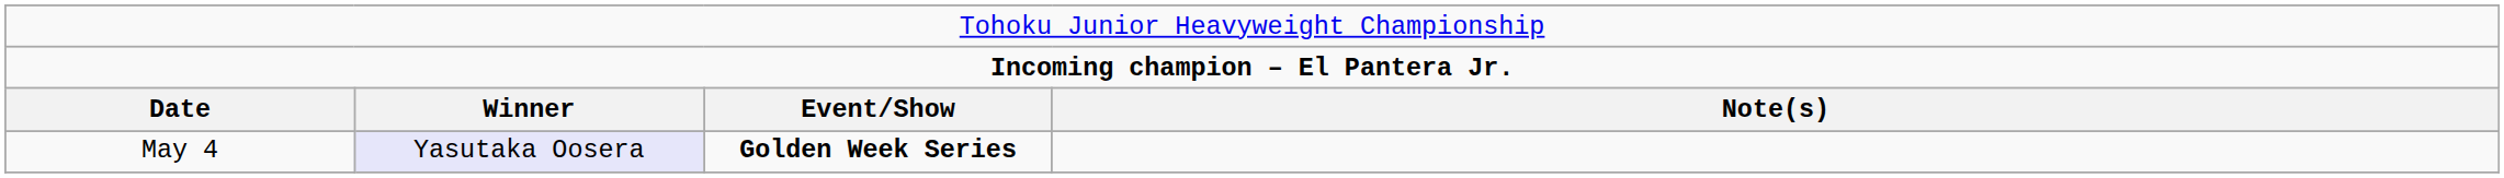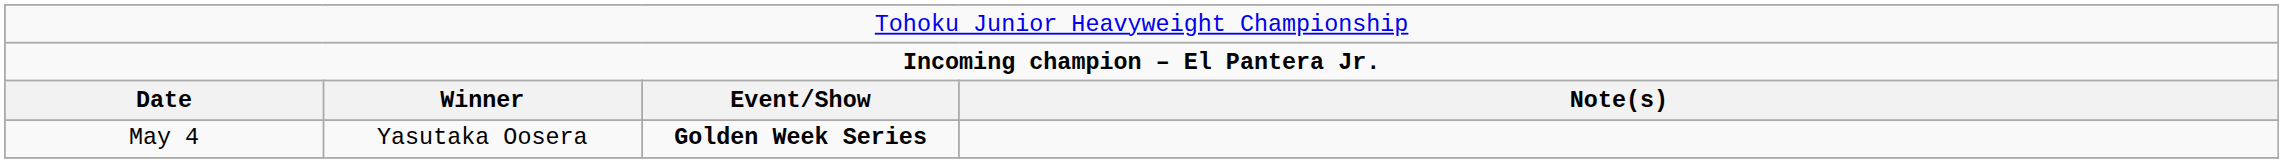 <table class="wikitable" style="text-align:center; width:100%;">
 <tr>
 <td colspan="4" style="text-align: center;"><a href='#'>Tohoku Junior Heavyweight Championship</a></td>
 </tr>
 <tr>
 <td colspan="4" style="text-align: center;"><strong>Incoming champion – El Pantera Jr.</strong></td>
 </tr>
 <tr>
 <th width=14%>Date</th>
 <th width=14%>Winner</th>
 <th width=14%>Event/Show</th>
 <th width=58%>Note(s)</th>
 </tr>
 <tr>
 <td>May 4</td>
-<td style="background: lavender;">Yasutaka Oosera</td>
+<td>Yasutaka Oosera</td>
 <td><strong>Golden Week Series<br></strong></td>
 <td></td>
 </tr>
 </table>
